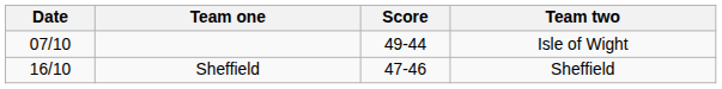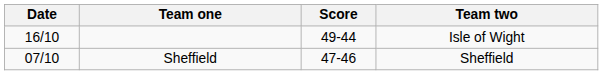 <table class="wikitable" style="text-align: center">
 <tr>
 <th width=80>Date</th>
 <th width=250>Team one</th>
 <th width=80>Score</th>
 <th width=250>Team two</th>
 </tr>
 <tr>
-<td>07/10</td>
+<td>16/10</td>
 <td></td>
 <td>49-44</td>
 <td>Isle of Wight</td>
 </tr>
 <tr>
-<td>16/10</td>
+<td>07/10</td>
 <td>Sheffield</td>
 <td>47-46</td>
 <td>Sheffield</td>
 </tr>
 </table>
